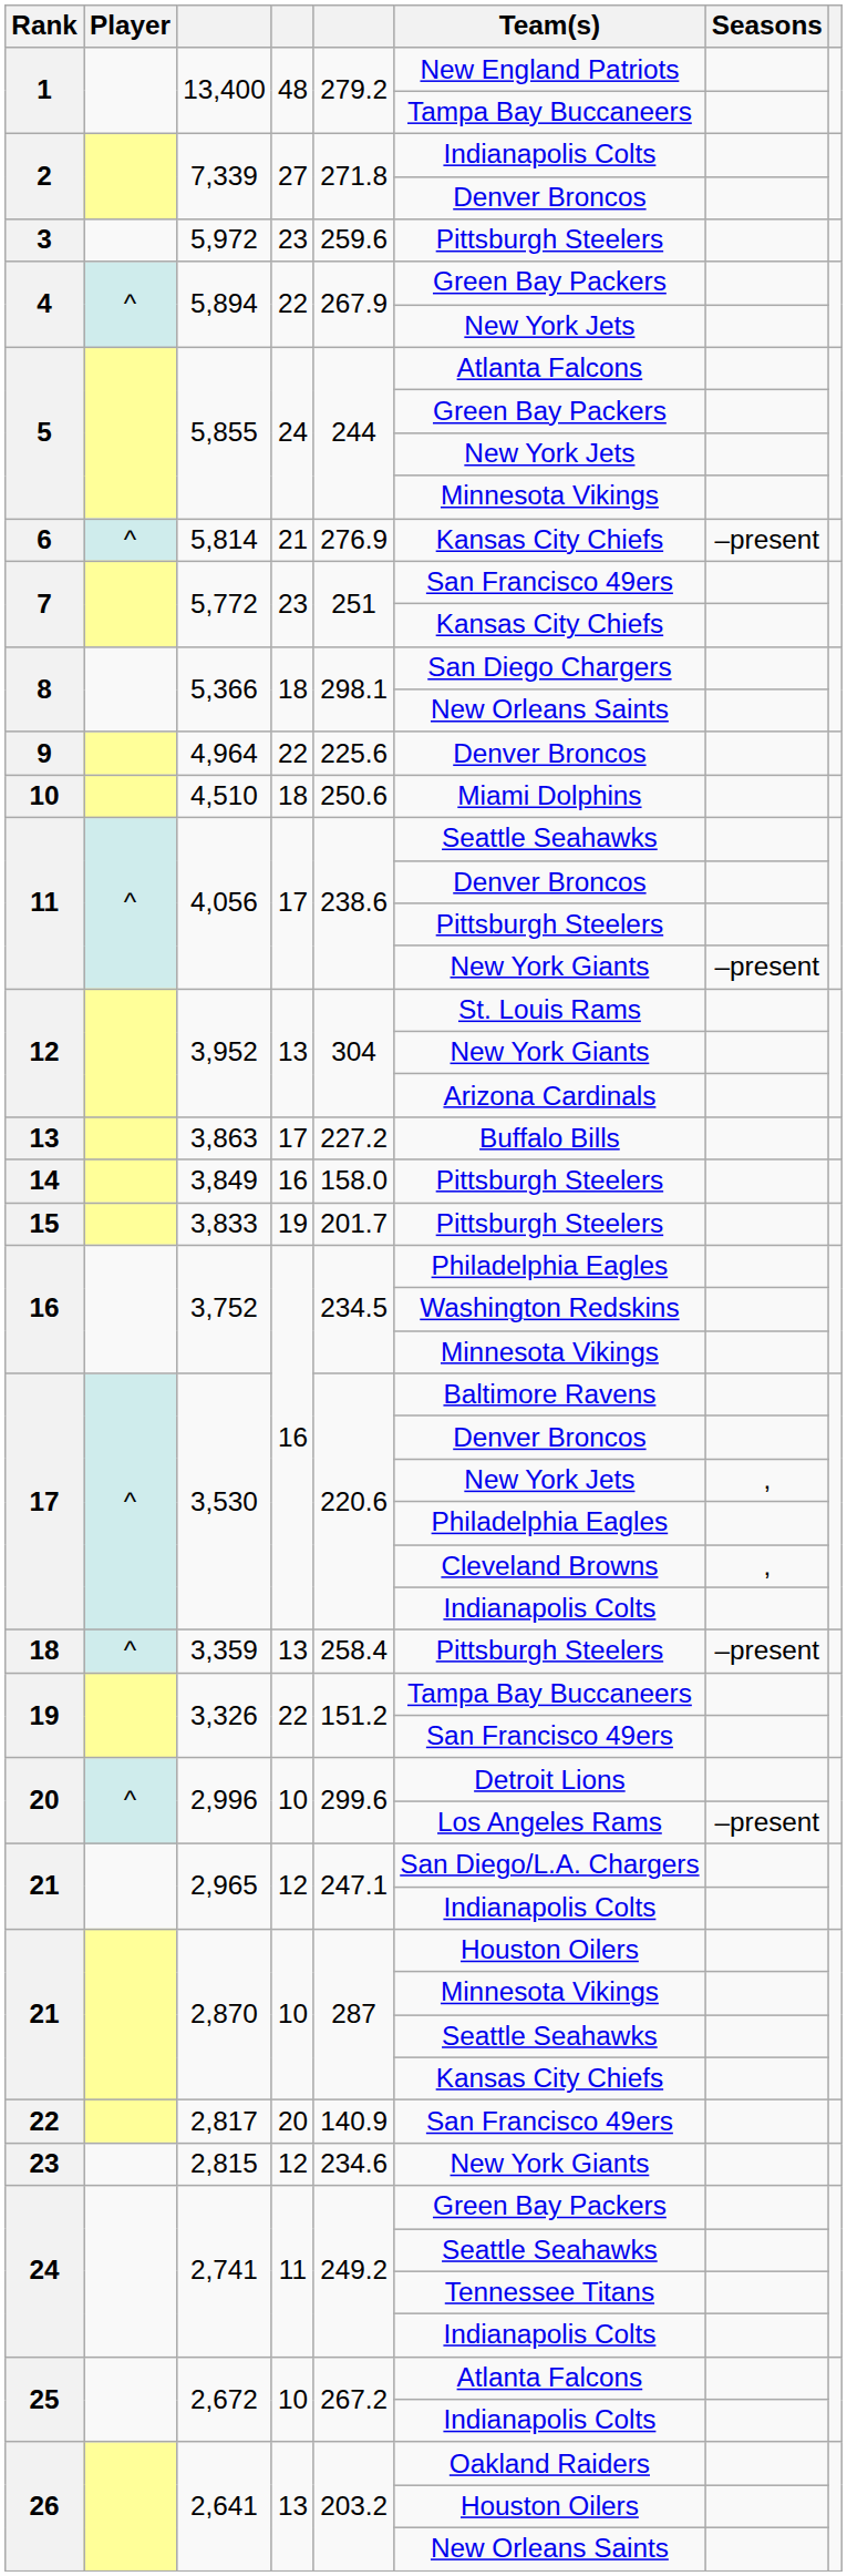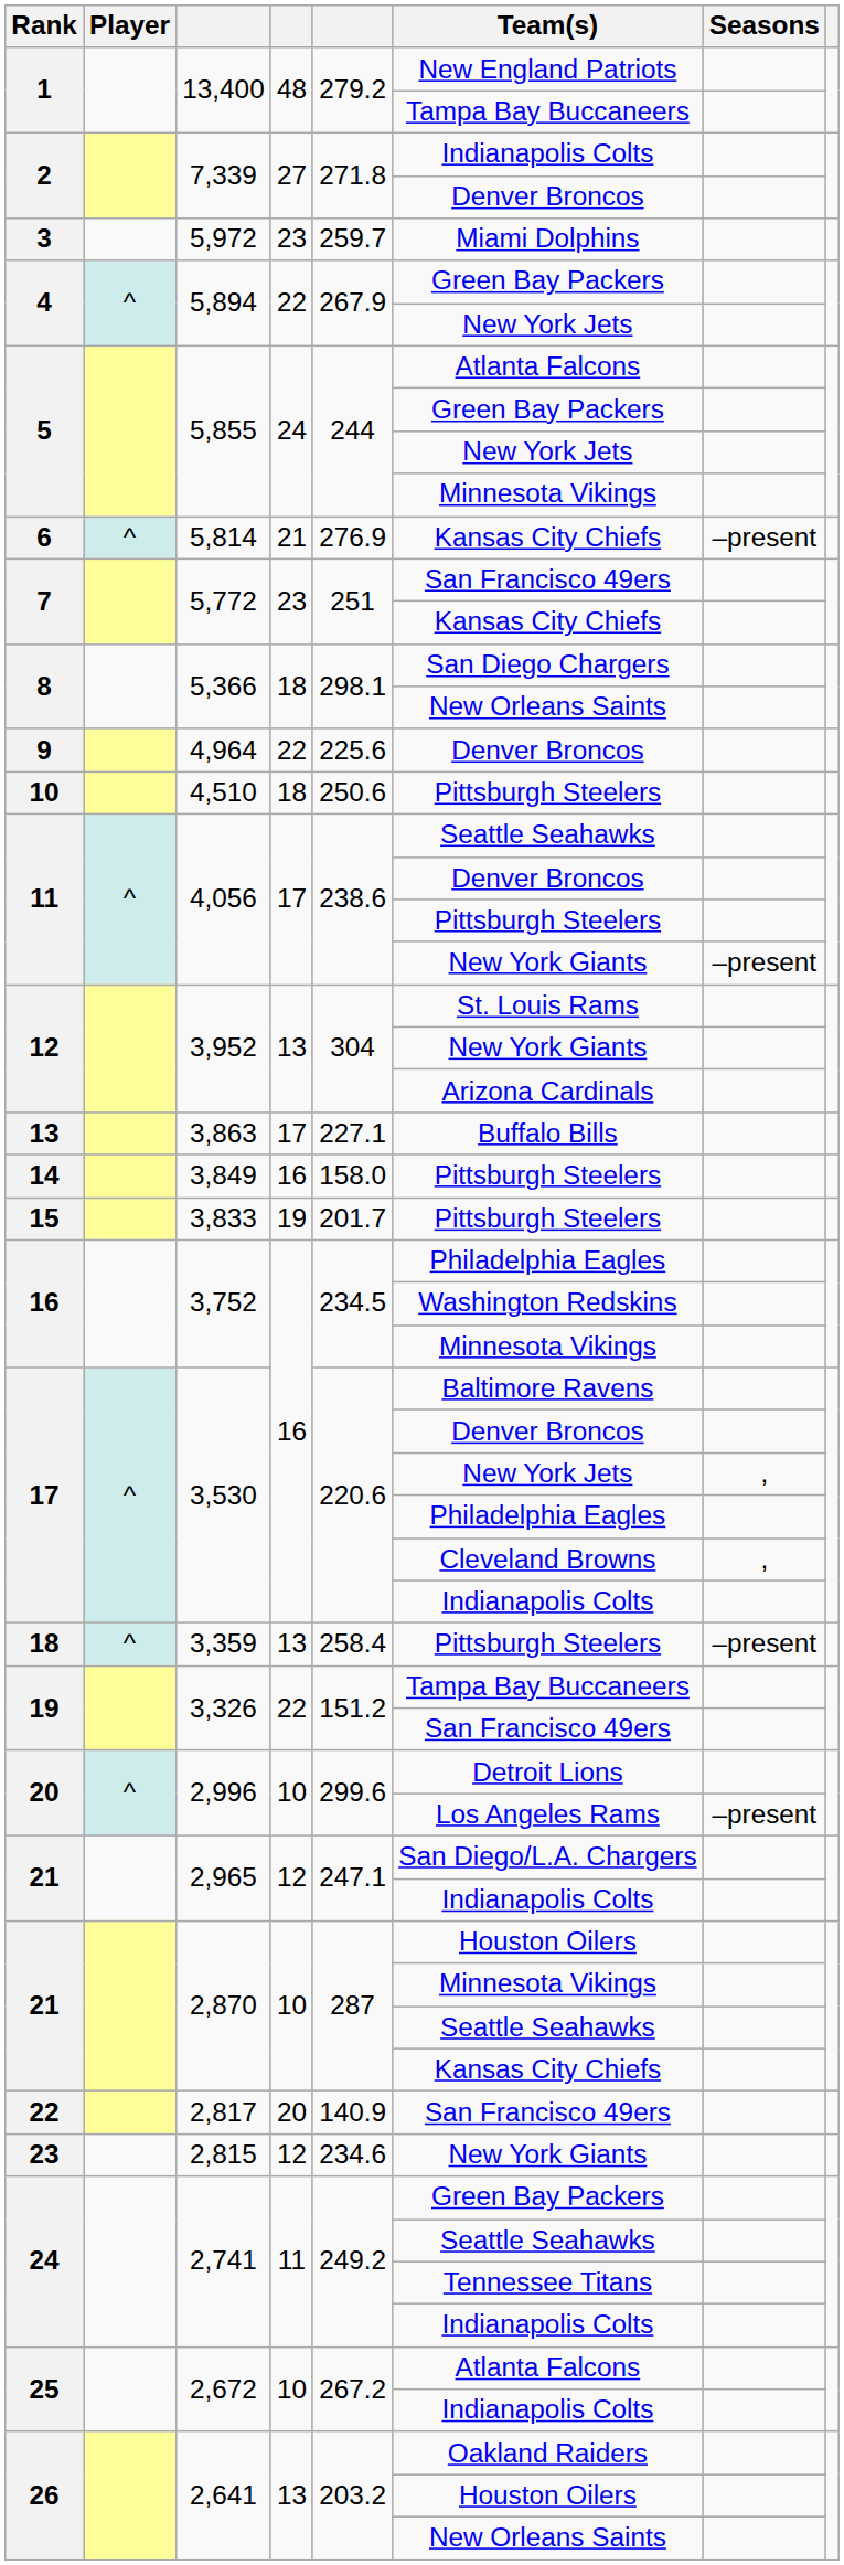 <table class="wikitable sortable" style="text-align:center;">
 <tr>
 <th scope=col>Rank</th>
 <th scope=col>Player</th>
 <th scope=col></th>
 <th scope=col></th>
 <th scope=col></th>
 <th scope=col>Team(s)</th>
 <th scope=col>Seasons</th>
 <th scope=col class= "unsortable"></th>
 </tr>
 <tr>
 <th scope=rowgroup rowspan=2>1</th>
 <td rowspan=2></td>
 <td rowspan=2>13,400</td>
 <td rowspan=2>48</td>
 <td rowspan=2>279.2</td>
 <td><a href='#'>New England Patriots</a></td>
 <td></td>
 <td rowspan=2></td>
 </tr>
 <tr>
 <td><a href='#'>Tampa Bay Buccaneers</a></td>
 <td></td>
 </tr>
 <tr>
 <th scope=rowgroup rowspan=2>2</th>
 <td rowspan=2 style="background:#FFFF99;"></td>
 <td rowspan=2>7,339</td>
 <td rowspan=2>27</td>
 <td rowspan=2>271.8</td>
 <td><a href='#'>Indianapolis Colts</a></td>
 <td></td>
 <td rowspan=2></td>
 </tr>
 <tr>
 <td><a href='#'>Denver Broncos</a></td>
 <td></td>
 </tr>
 <tr>
 <th scope=row>3</th>
 <td></td>
 <td>5,972</td>
 <td>23</td>
-<td>259.6</td>
-<td><a href='#'>Pittsburgh Steelers</a></td>
+<td>259.7</td>
+<td><a href='#'>Miami Dolphins</a></td>
 <td></td>
 <td></td>
 </tr>
 <tr>
 <th scope=rowgroup rowspan=2>4</th>
 <td rowspan=2 style="background:#cfecec;">^</td>
 <td rowspan=2>5,894</td>
 <td rowspan=2>22</td>
 <td rowspan=2>267.9</td>
 <td><a href='#'>Green Bay Packers</a></td>
 <td></td>
 <td rowspan=2></td>
 </tr>
 <tr>
 <td><a href='#'>New York Jets</a></td>
 <td></td>
 </tr>
 <tr>
 <th scope=rowgroup rowspan=4>5</th>
 <td rowspan=4 style="background:#FFFF99;"></td>
 <td rowspan=4>5,855</td>
 <td rowspan=4>24</td>
 <td rowspan=4>244</td>
 <td><a href='#'>Atlanta Falcons</a></td>
 <td></td>
 <td rowspan=4></td>
 </tr>
 <tr>
 <td><a href='#'>Green Bay Packers</a></td>
 <td></td>
 </tr>
 <tr>
 <td><a href='#'>New York Jets</a></td>
 <td></td>
 </tr>
 <tr>
 <td><a href='#'>Minnesota Vikings</a></td>
 <td></td>
 </tr>
 <tr>
 <th scope=row>6</th>
 <td style="background:#cfecec;">^</td>
 <td>5,814</td>
 <td>21</td>
 <td>276.9</td>
 <td><a href='#'>Kansas City Chiefs</a></td>
 <td>–present</td>
 <td></td>
 </tr>
 <tr>
 <th scope=rowgroup rowspan=2>7</th>
 <td rowspan=2 style="background:#FFFF99;"></td>
 <td rowspan=2>5,772</td>
 <td rowspan=2>23</td>
 <td rowspan=2>251</td>
 <td><a href='#'>San Francisco 49ers</a></td>
 <td></td>
 <td rowspan=2></td>
 </tr>
 <tr>
 <td><a href='#'>Kansas City Chiefs</a></td>
 <td></td>
 </tr>
 <tr>
 <th scope=rowgroup rowspan=2>8</th>
 <td rowspan=2></td>
 <td rowspan=2>5,366</td>
 <td rowspan=2>18</td>
 <td rowspan=2>298.1</td>
 <td><a href='#'>San Diego Chargers</a></td>
 <td></td>
 <td rowspan=2></td>
 </tr>
 <tr>
 <td><a href='#'>New Orleans Saints</a></td>
 <td></td>
 </tr>
 <tr>
 <th scope=row>9</th>
 <td style="background:#FFFF99;"></td>
 <td>4,964</td>
 <td>22</td>
 <td>225.6</td>
 <td><a href='#'>Denver Broncos</a></td>
 <td></td>
 <td></td>
 </tr>
 <tr>
 <th scope=row>10</th>
 <td style="background:#FFFF99;"></td>
 <td>4,510</td>
 <td>18</td>
 <td>250.6</td>
-<td><a href='#'>Miami Dolphins</a></td>
+<td><a href='#'>Pittsburgh Steelers</a></td>
 <td></td>
 <td></td>
 </tr>
 <tr>
 <th scope=rowgroup rowspan=4>11</th>
 <td rowspan=4 style="background:#cfecec;">^</td>
 <td rowspan=4>4,056</td>
 <td rowspan=4>17</td>
 <td rowspan=4>238.6</td>
 <td><a href='#'>Seattle Seahawks</a></td>
 <td></td>
 <td rowspan=4></td>
 </tr>
 <tr>
 <td><a href='#'>Denver Broncos</a></td>
 <td></td>
 </tr>
 <tr>
 <td><a href='#'>Pittsburgh Steelers</a></td>
 <td></td>
 </tr>
 <tr>
 <td><a href='#'>New York Giants</a></td>
 <td>–present</td>
 </tr>
 <tr>
 <th scope=rowgroup rowspan=3>12</th>
 <td rowspan=3 style="background:#FFFF99;"></td>
 <td rowspan=3>3,952</td>
 <td rowspan=3>13</td>
 <td rowspan=3>304</td>
 <td><a href='#'>St. Louis Rams</a></td>
 <td></td>
 <td rowspan=3></td>
 </tr>
 <tr>
 <td><a href='#'>New York Giants</a></td>
 <td></td>
 </tr>
 <tr>
 <td><a href='#'>Arizona Cardinals</a></td>
 <td></td>
 </tr>
 <tr>
 <th scope=row>13</th>
 <td style="background:#FFFF99;"></td>
 <td>3,863</td>
 <td>17</td>
-<td>227.2</td>
+<td>227.1</td>
 <td><a href='#'>Buffalo Bills</a></td>
 <td></td>
 <td></td>
 </tr>
 <tr>
 <th scope=row>14</th>
 <td style="background:#FFFF99;"></td>
 <td>3,849</td>
 <td>16</td>
 <td>158.0</td>
 <td><a href='#'>Pittsburgh Steelers</a></td>
 <td></td>
 <td></td>
 </tr>
 <tr>
 <th scope=row>15</th>
 <td style="background:#FFFF99;"></td>
 <td>3,833</td>
 <td>19</td>
 <td>201.7</td>
 <td><a href='#'>Pittsburgh Steelers</a></td>
 <td></td>
 <td></td>
 </tr>
 <tr>
 <th scope=rowgroup rowspan=3>16</th>
 <td rowspan=3></td>
 <td rowspan=3>3,752</td>
 <td rowspan=9>16</td>
 <td rowspan=3>234.5</td>
 <td><a href='#'>Philadelphia Eagles</a></td>
 <td></td>
 <td rowspan=3></td>
 </tr>
 <tr>
 <td><a href='#'>Washington Redskins</a></td>
 <td></td>
 </tr>
 <tr>
 <td><a href='#'>Minnesota Vikings</a></td>
 <td></td>
 </tr>
 <tr>
 <th scope=rowgroup rowspan=6>17</th>
 <td rowspan=6 style="background:#cfecec;">^</td>
 <td rowspan=6>3,530</td>
 <td rowspan=6>220.6</td>
 <td><a href='#'>Baltimore Ravens</a></td>
 <td></td>
 <td rowspan=6></td>
 </tr>
 <tr>
 <td><a href='#'>Denver Broncos</a></td>
 <td></td>
 </tr>
 <tr>
 <td><a href='#'>New York Jets</a></td>
 <td>, </td>
 </tr>
 <tr>
 <td><a href='#'>Philadelphia Eagles</a></td>
 <td></td>
 </tr>
 <tr>
 <td><a href='#'>Cleveland Browns</a></td>
 <td>, </td>
 </tr>
 <tr>
 <td><a href='#'>Indianapolis Colts</a></td>
 <td></td>
 </tr>
 <tr>
 <th scope=row>18</th>
 <td style="background:#cfecec;">^</td>
 <td>3,359</td>
 <td>13</td>
 <td>258.4</td>
 <td><a href='#'>Pittsburgh Steelers</a></td>
 <td>–present</td>
 <td></td>
 </tr>
 <tr>
 <th scope=rowgroup rowspan=2>19</th>
 <td rowspan=2 style="background:#FFFF99;"></td>
 <td rowspan=2>3,326</td>
 <td rowspan=2>22</td>
 <td rowspan=2>151.2</td>
 <td><a href='#'>Tampa Bay Buccaneers</a></td>
 <td></td>
 <td rowspan=2></td>
 </tr>
 <tr>
 <td><a href='#'>San Francisco 49ers</a></td>
 <td></td>
 </tr>
 <tr>
 <th scope=rowgroup rowspan=2>20</th>
 <td rowspan=2 style="background:#cfecec;">^</td>
 <td rowspan=2>2,996</td>
 <td rowspan=2>10</td>
 <td rowspan=2>299.6</td>
 <td><a href='#'>Detroit Lions</a></td>
 <td></td>
 <td rowspan=2></td>
 </tr>
 <tr>
 <td><a href='#'>Los Angeles Rams</a></td>
 <td>–present</td>
 </tr>
 <tr>
 <th scope=rowgroup rowspan=2>21</th>
 <td rowspan=2></td>
 <td rowspan=2>2,965</td>
 <td rowspan=2>12</td>
 <td rowspan=2>247.1</td>
 <td><a href='#'>San Diego/L.A. Chargers</a></td>
 <td></td>
 <td rowspan=2></td>
 </tr>
 <tr>
 <td><a href='#'>Indianapolis Colts</a></td>
 <td></td>
 </tr>
 <tr>
 <th scope=rowgroup rowspan=4>21</th>
 <td rowspan=4 style="background:#FFFF99;"></td>
 <td rowspan=4>2,870</td>
 <td rowspan=4>10</td>
 <td rowspan=4>287</td>
 <td><a href='#'>Houston Oilers</a></td>
 <td></td>
 <td rowspan=4></td>
 </tr>
 <tr>
 <td><a href='#'>Minnesota Vikings</a></td>
 <td></td>
 </tr>
 <tr>
 <td><a href='#'>Seattle Seahawks</a></td>
 <td></td>
 </tr>
 <tr>
 <td><a href='#'>Kansas City Chiefs</a></td>
 <td></td>
 </tr>
 <tr>
 <th scope=row>22</th>
 <td style="background:#FFFF99;"></td>
 <td>2,817</td>
 <td>20</td>
 <td>140.9</td>
 <td><a href='#'>San Francisco 49ers</a></td>
 <td></td>
 <td></td>
 </tr>
 <tr>
 <th scope=row>23</th>
 <td></td>
 <td>2,815</td>
 <td>12</td>
 <td>234.6</td>
 <td><a href='#'>New York Giants</a></td>
 <td></td>
 <td></td>
 </tr>
 <tr>
 <th scope=rowgroup rowspan=4>24</th>
 <td rowspan=4></td>
 <td rowspan=4>2,741</td>
 <td rowspan=4>11</td>
 <td rowspan=4>249.2</td>
 <td><a href='#'>Green Bay Packers</a></td>
 <td></td>
 <td rowspan=4></td>
 </tr>
 <tr>
 <td><a href='#'>Seattle Seahawks</a></td>
 <td></td>
 </tr>
 <tr>
 <td><a href='#'>Tennessee Titans</a></td>
 <td></td>
 </tr>
 <tr>
 <td><a href='#'>Indianapolis Colts</a></td>
 <td></td>
 </tr>
 <tr>
 <th scope=rowgroup rowspan=2>25</th>
 <td rowspan=2></td>
 <td rowspan=2>2,672</td>
 <td rowspan=2>10</td>
 <td rowspan=2>267.2</td>
 <td><a href='#'>Atlanta Falcons</a></td>
 <td></td>
 <td rowspan=2></td>
 </tr>
 <tr>
 <td><a href='#'>Indianapolis Colts</a></td>
 <td></td>
 </tr>
 <tr>
 <th scope=rowgroup rowspan=3>26</th>
 <td rowspan=3 style="background:#FFFF99;"></td>
 <td rowspan=3>2,641</td>
 <td rowspan=3>13</td>
 <td rowspan=3>203.2</td>
 <td><a href='#'>Oakland Raiders</a></td>
 <td></td>
 <td rowspan=3></td>
 </tr>
 <tr>
 <td><a href='#'>Houston Oilers</a></td>
 <td></td>
 </tr>
 <tr>
 <td><a href='#'>New Orleans Saints</a></td>
 <td></td>
 </tr>
 <tr>
 </tr>
 </table>
